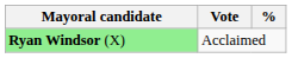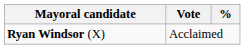 <table class="wikitable">
 <tr>
 <th width="200px">Mayoral candidate</th>
 <th width="50px">Vote</th>
 <th width="30px">%</th>
 </tr>
 <tr>
-<td style="background: lightgreen;"><strong>Ryan Windsor</strong> (X) </td>
+<td><strong>Ryan Windsor</strong> (X) </td>
 <td colspan="2">Acclaimed</td>
 </tr>
 </table>
